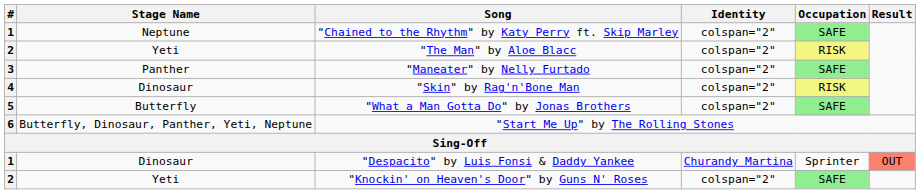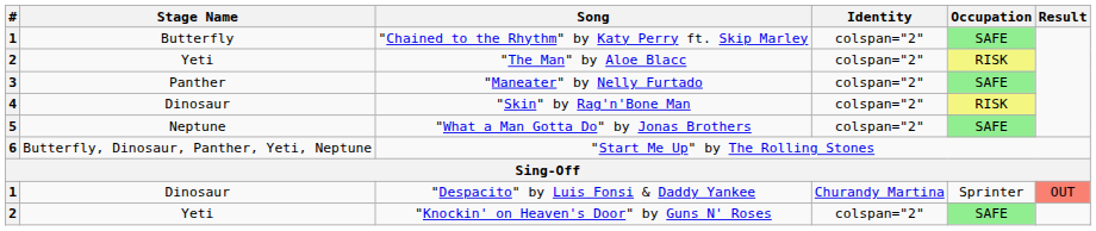 <table class="wikitable plainrowheaders" style="text-align: center;">
 <tr>
 <th><strong>#</strong></th>
 <th><strong>Stage Name</strong></th>
 <th><strong>Song</strong></th>
 <th>Identity</th>
 <th><strong>Occupation</strong></th>
 <th>Result</th>
 </tr>
 <tr>
 <th>1</th>
-<td>Neptune</td>
+<td>Butterfly</td>
 <td>"<a href='#'>Chained to the Rhythm</a>" by <a href='#'>Katy Perry</a> ft. <a href='#'>Skip Marley</a></td>
 <td>colspan="2" </td>
 <td bgcolor="lightgreen">SAFE</td>
 </tr>
 <tr>
 <th>2</th>
 <td>Yeti</td>
 <td>"<a href='#'>The Man</a>" by <a href='#'>Aloe Blacc</a></td>
 <td>colspan="2" </td>
 <td bgcolor="F3F781">RISK</td>
 </tr>
 <tr>
 <th>3</th>
 <td>Panther</td>
 <td>"<a href='#'>Maneater</a>" by <a href='#'>Nelly Furtado</a></td>
 <td>colspan="2" </td>
 <td bgcolor="lightgreen">SAFE</td>
 </tr>
 <tr>
 <th>4</th>
 <td>Dinosaur</td>
 <td>"<a href='#'>Skin</a>" by <a href='#'>Rag'n'Bone Man</a></td>
 <td>colspan="2" </td>
 <td bgcolor="F3F781">RISK</td>
 </tr>
 <tr>
 <th>5</th>
-<td>Butterfly</td>
+<td>Neptune</td>
 <td>"<a href='#'>What a Man Gotta Do</a>" by <a href='#'>Jonas Brothers</a></td>
 <td>colspan="2" </td>
 <td bgcolor="lightgreen">SAFE</td>
 </tr>
 <tr>
 <th>6</th>
 <td>Butterfly, Dinosaur, Panther, Yeti, Neptune</td>
 <td colspan="4">"<a href='#'>Start Me Up</a>" by <a href='#'>The Rolling Stones</a></td>
 </tr>
 <tr>
 <th colspan="6">Sing-Off</th>
 </tr>
 <tr>
 <th>1</th>
 <td>Dinosaur</td>
 <td>"<a href='#'>Despacito</a>" by <a href='#'>Luis Fonsi</a> & <a href='#'>Daddy Yankee</a></td>
 <td><a href='#'>Churandy Martina</a></td>
 <td>Sprinter</td>
 <td bgcolor="salmon">OUT</td>
 </tr>
 <tr>
 <th>2</th>
 <td>Yeti</td>
 <td>"<a href='#'>Knockin' on Heaven's Door</a>" by <a href='#'>Guns N' Roses</a></td>
 <td>colspan="2" </td>
 <td bgcolor="lightgreen">SAFE</td>
 </tr>
 </table>
